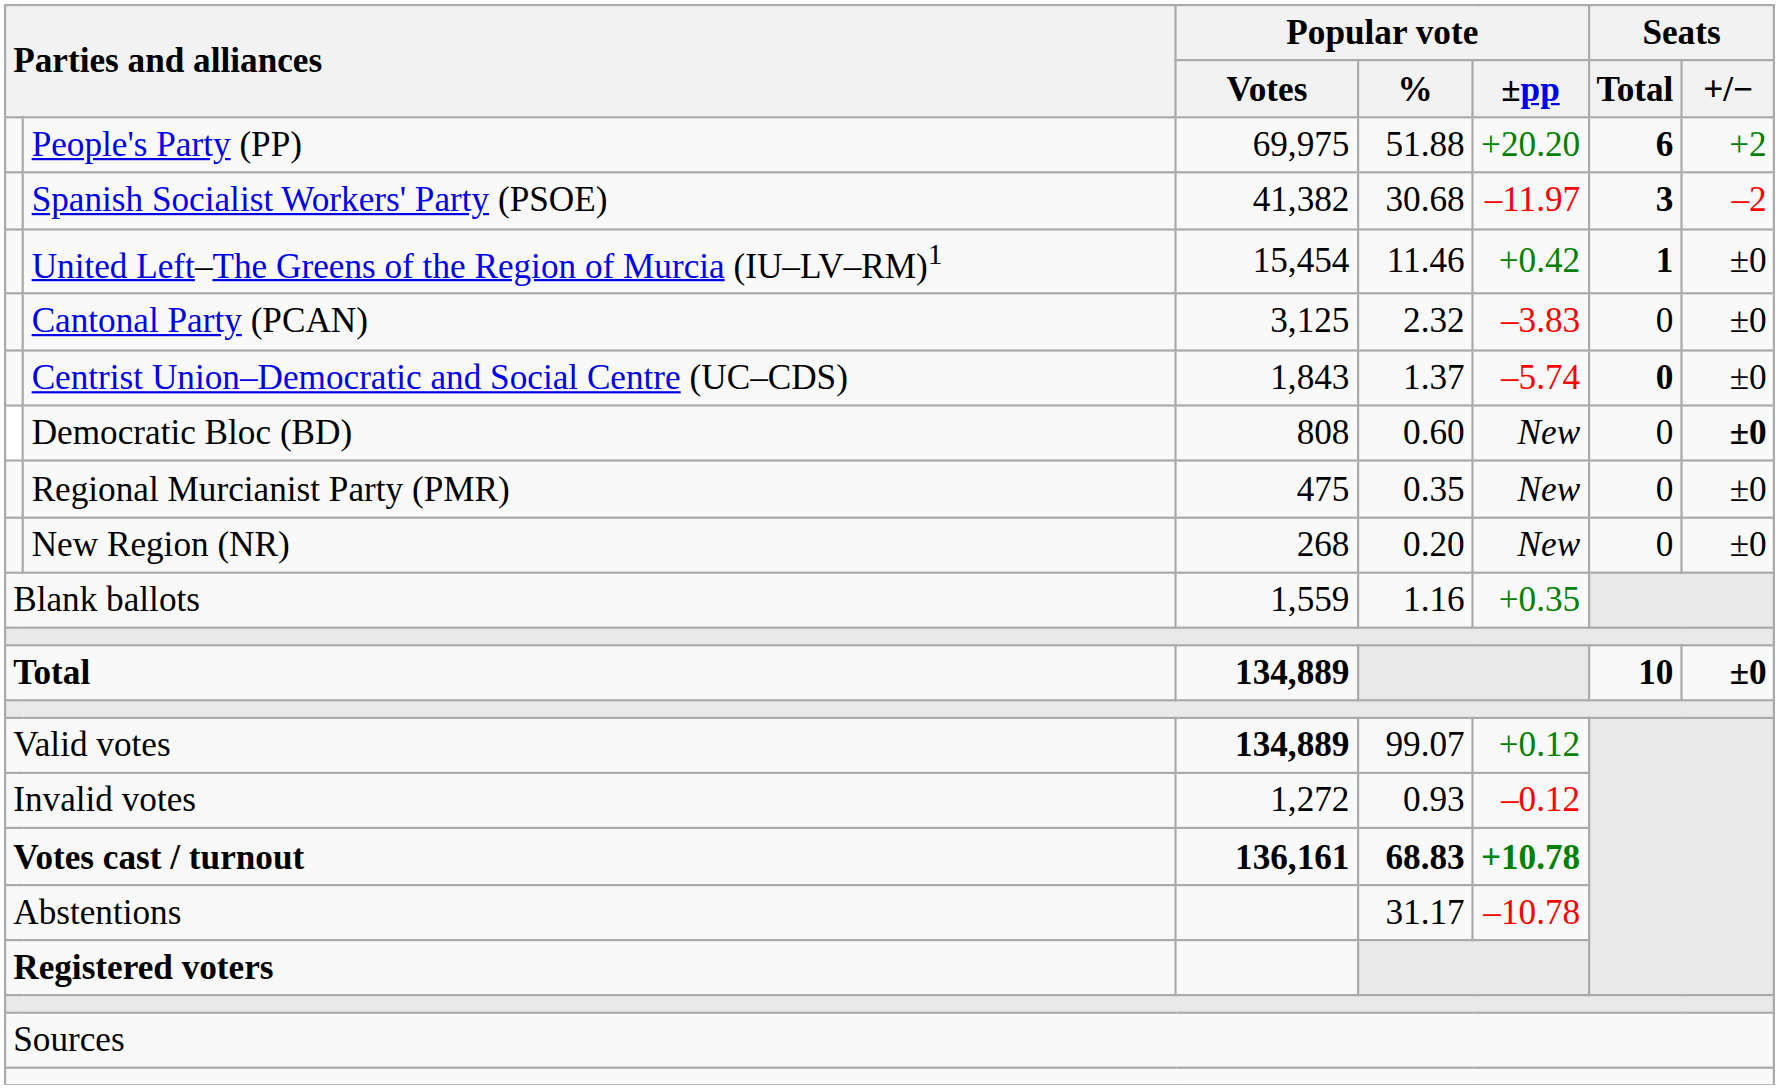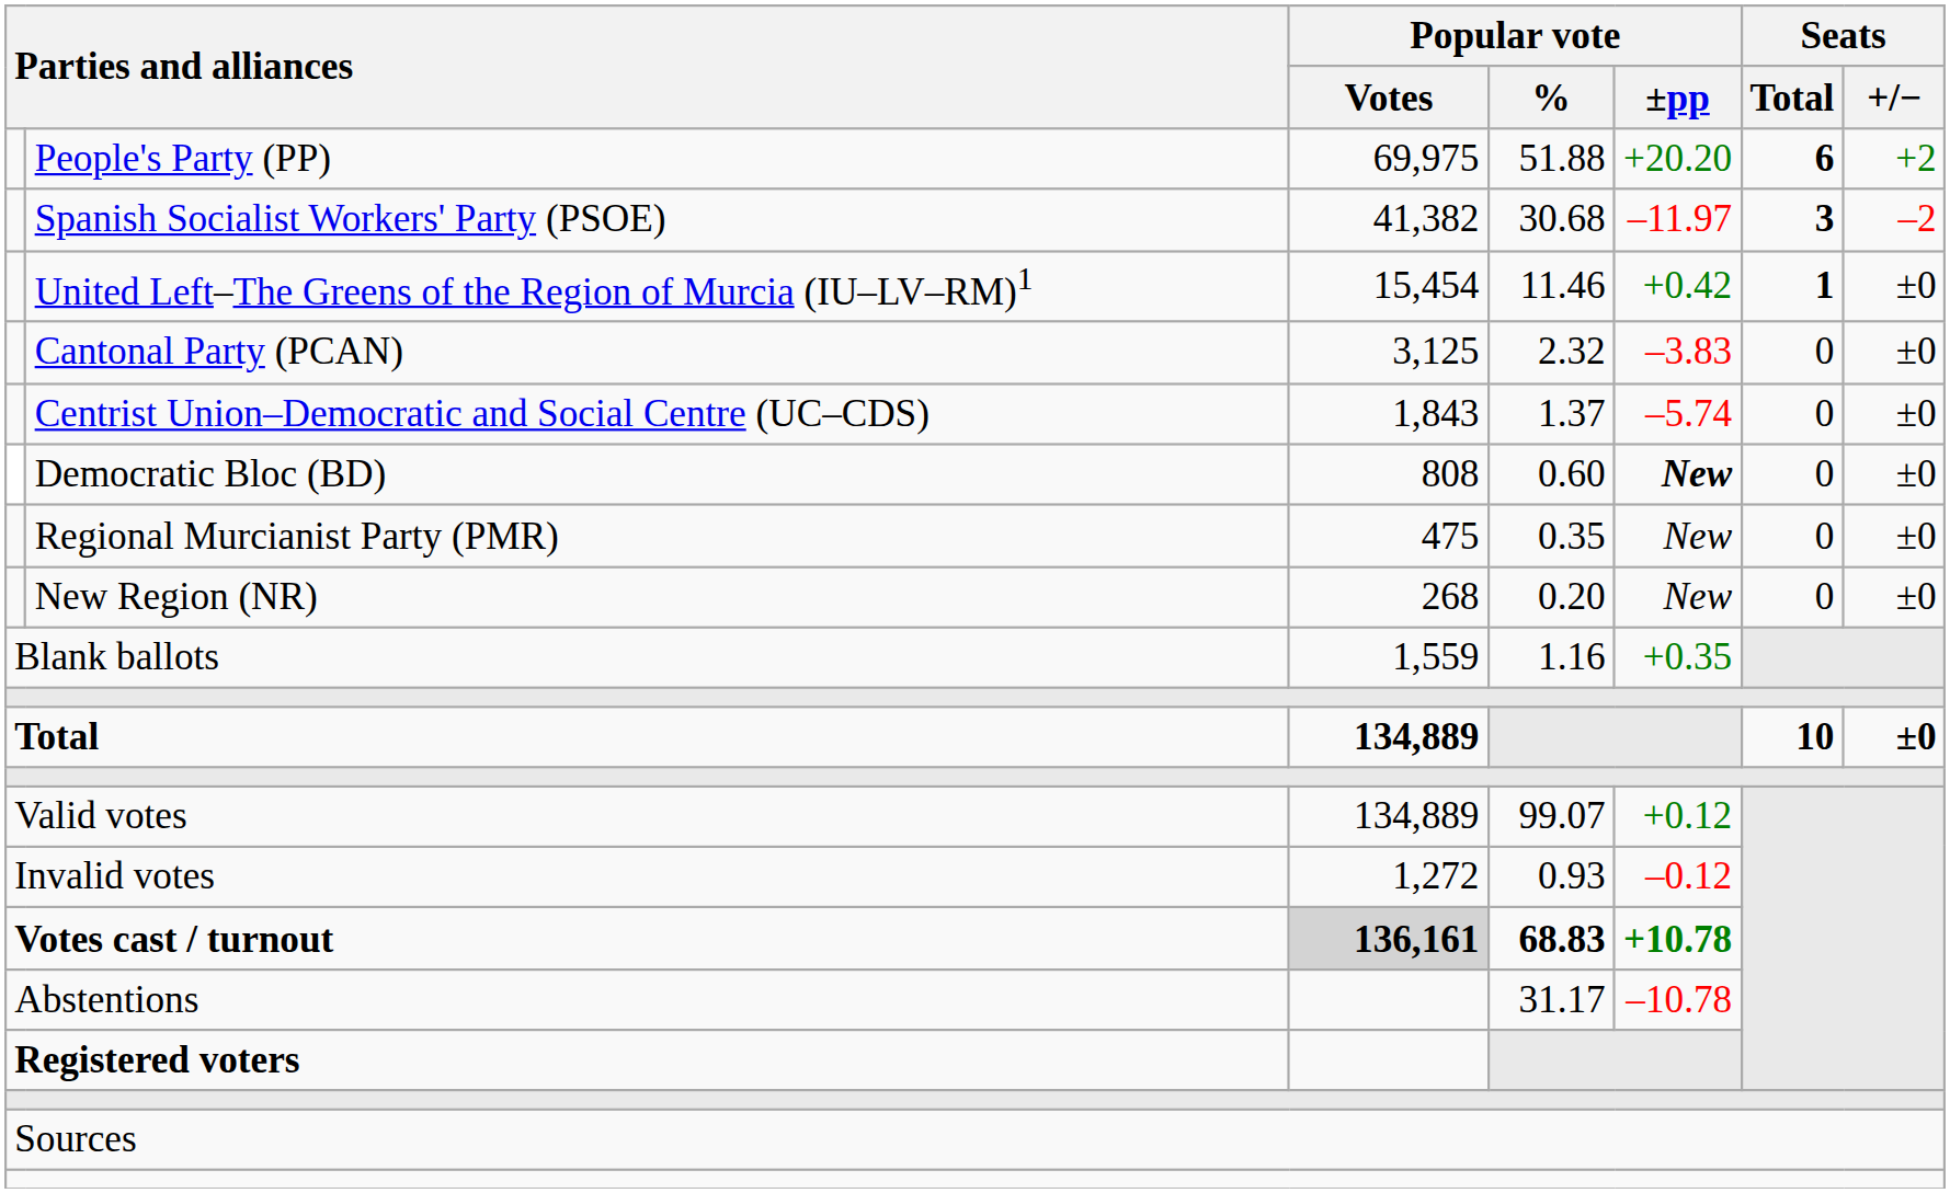 <table class="wikitable" style="text-align:right;">
 <tr>
 <th style="text-align:left;" rowspan="2" colspan="2" width="525">Parties and alliances</th>
 <th colspan="3">Popular vote</th>
 <th colspan="2">Seats</th>
 </tr>
 <tr>
 <th width="75">Votes</th>
 <th width="45">%</th>
 <th width="45">±<a href='#'>pp</a></th>
 <th width="35">Total</th>
 <th width="35">+/−</th>
 </tr>
 <tr>
 <td width="1" style="color:inherit;background:"></td>
 <td align="left"><a href='#'>People's Party</a> (PP)</td>
 <td>69,975</td>
 <td>51.88</td>
 <td style="color:green;">+20.20</td>
 <td><strong>6</strong></td>
 <td style="color:green;">+2</td>
 </tr>
 <tr>
 <td style="color:inherit;background:"></td>
 <td align="left"><a href='#'>Spanish Socialist Workers' Party</a> (PSOE)</td>
 <td>41,382</td>
 <td>30.68</td>
 <td style="color:red;">–11.97</td>
 <td><strong>3</strong></td>
 <td style="color:red;">–2</td>
 </tr>
 <tr>
 <td style="color:inherit;background:"></td>
 <td align="left"><a href='#'>United Left</a>–<a href='#'>The Greens of the Region of Murcia</a> (IU–LV–RM)<sup>1</sup></td>
 <td>15,454</td>
 <td>11.46</td>
 <td style="color:green;">+0.42</td>
 <td><strong>1</strong></td>
 <td>±0</td>
 </tr>
 <tr>
 <td style="color:inherit;background:"></td>
 <td align="left"><a href='#'>Cantonal Party</a> (PCAN)</td>
 <td>3,125</td>
 <td>2.32</td>
 <td style="color:red;">–3.83</td>
 <td>0</td>
 <td>±0</td>
 </tr>
 <tr>
 <td style="color:inherit;background:"></td>
 <td align="left"><a href='#'>Centrist Union–Democratic and Social Centre</a> (UC–CDS)</td>
 <td>1,843</td>
 <td>1.37</td>
 <td style="color:red;">–5.74</td>
-<td><strong>0</strong></td>
+<td>0</td>
 <td>±0</td>
 </tr>
 <tr>
 <td bgcolor="white"></td>
 <td align="left">Democratic Bloc (BD)</td>
 <td>808</td>
 <td>0.60</td>
-<td><em>New</em></td>
+<td><strong><em>New</em></strong></td>
 <td>0</td>
-<td><strong>±0</strong></td>
+<td>±0</td>
 </tr>
 <tr>
 <td style="color:inherit;background:"></td>
 <td align="left">Regional Murcianist Party (PMR)</td>
 <td>475</td>
 <td>0.35</td>
 <td><em>New</em></td>
 <td>0</td>
 <td>±0</td>
 </tr>
 <tr>
 <td style="color:inherit;background:"></td>
 <td align="left">New Region (NR)</td>
 <td>268</td>
 <td>0.20</td>
 <td><em>New</em></td>
 <td>0</td>
 <td>±0</td>
 </tr>
 <tr>
 <td align="left" colspan="2">Blank ballots</td>
 <td>1,559</td>
 <td>1.16</td>
 <td style="color:green;">+0.35</td>
 <td bgcolor="#E9E9E9" colspan="2"></td>
 </tr>
 <tr>
 <td colspan="7" bgcolor="#E9E9E9"></td>
 </tr>
 <tr style="font-weight:bold;">
 <td align="left" colspan="2">Total</td>
 <td>134,889</td>
 <td bgcolor="#E9E9E9" colspan="2"></td>
 <td>10</td>
 <td>±0</td>
 </tr>
 <tr>
 <td colspan="7" bgcolor="#E9E9E9"></td>
 </tr>
 <tr>
 <td align="left" colspan="2">Valid votes</td>
-<td><strong>134,889</strong></td>
+<td>134,889</td>
 <td>99.07</td>
 <td style="color:green;">+0.12</td>
 <td bgcolor="#E9E9E9" colspan="2" rowspan="5"></td>
 </tr>
 <tr>
 <td align="left" colspan="2">Invalid votes</td>
 <td>1,272</td>
 <td>0.93</td>
 <td style="color:red;">–0.12</td>
 </tr>
 <tr style="font-weight:bold;">
 <td align="left" colspan="2">Votes cast / turnout</td>
-<td>136,161</td>
+<td style="background: lightgrey;">136,161</td>
 <td>68.83</td>
 <td style="color:green;">+10.78</td>
 </tr>
 <tr>
 <td align="left" colspan="2">Abstentions</td>
 <td></td>
 <td>31.17</td>
 <td style="color:red;">–10.78</td>
 </tr>
 <tr style="font-weight:bold;">
 <td align="left" colspan="2">Registered voters</td>
 <td></td>
 <td bgcolor="#E9E9E9" colspan="2"></td>
 </tr>
 <tr>
 <td colspan="7" bgcolor="#E9E9E9"></td>
 </tr>
 <tr>
 <td align="left" colspan="7">Sources</td>
 </tr>
 <tr>
 <td colspan="7" style="text-align:left; max-width:790px;"></td>
 </tr>
 </table>
